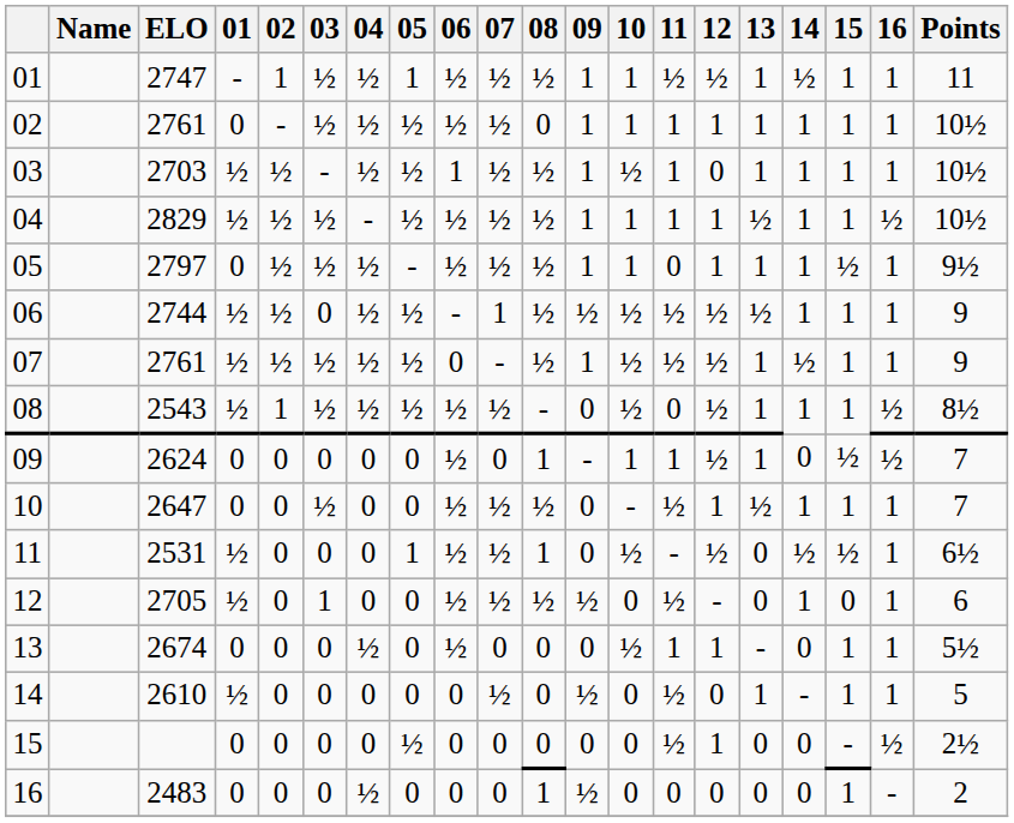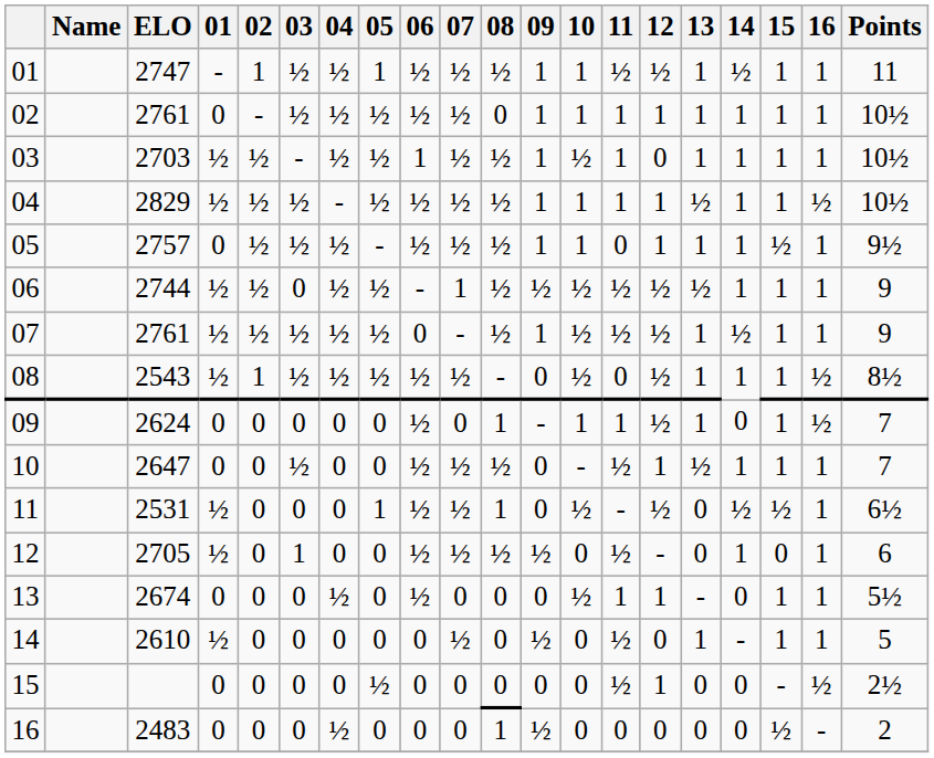 <table class="wikitable" style="text-align:center;">
 <tr>
 <th></th>
 <th>Name</th>
 <th>ELO</th>
 <th>01</th>
 <th>02</th>
 <th>03</th>
 <th>04</th>
 <th>05</th>
 <th>06</th>
 <th>07</th>
 <th>08</th>
 <th>09</th>
 <th>10</th>
 <th>11</th>
 <th>12</th>
 <th>13</th>
 <th>14</th>
 <th>15</th>
 <th>16</th>
 <th>Points</th>
 </tr>
 <tr>
 <td>01</td>
 <td style="text-align:left;" data-sort-value="So"></td>
 <td>2747</td>
 <td>-</td>
 <td>1</td>
 <td>½</td>
 <td>½</td>
 <td>1</td>
 <td>½</td>
 <td>½</td>
 <td>½</td>
 <td>1</td>
 <td>1</td>
 <td>½</td>
 <td>½</td>
 <td>1</td>
 <td>½</td>
 <td>1</td>
 <td>1</td>
 <td>11</td>
 </tr>
 <tr>
 <td>02</td>
 <td style="text-align:left;" data-sort-value="Aronian"></td>
 <td>2761</td>
 <td>0</td>
 <td>-</td>
 <td>½</td>
 <td>½</td>
 <td>½</td>
 <td>½</td>
 <td>½</td>
 <td>0</td>
 <td>1</td>
 <td>1</td>
 <td>1</td>
 <td>1</td>
 <td>1</td>
 <td>1</td>
 <td>1</td>
 <td>1</td>
 <td>10½</td>
 </tr>
 <tr>
 <td>03</td>
 <td style="text-align:left;" data-sort-value="Firouzja"></td>
 <td>2703</td>
 <td>½</td>
 <td>½</td>
 <td>-</td>
 <td>½</td>
 <td>½</td>
 <td>1</td>
 <td>½</td>
 <td>½</td>
 <td>1</td>
 <td>½</td>
 <td>1</td>
 <td>0</td>
 <td>1</td>
 <td>1</td>
 <td>1</td>
 <td>1</td>
 <td>10½</td>
 </tr>
 <tr>
 <td>04</td>
 <td style="text-align:left;" data-sort-value="Nakamura"></td>
 <td>2829</td>
 <td>½</td>
 <td>½</td>
 <td>½</td>
 <td>-</td>
 <td>½</td>
 <td>½</td>
 <td>½</td>
 <td>½</td>
 <td>1</td>
 <td>1</td>
 <td>1</td>
 <td>1</td>
 <td>½</td>
 <td>1</td>
 <td>1</td>
 <td>½</td>
 <td>10½</td>
 </tr>
 <tr>
 <td>05</td>
 <td style="text-align:left;" data-sort-value="Artemiev"></td>
-<td>2797</td>
+<td>2757</td>
 <td>0</td>
 <td>½</td>
 <td>½</td>
 <td>½</td>
 <td>-</td>
 <td>½</td>
 <td>½</td>
 <td>½</td>
 <td>1</td>
 <td>1</td>
 <td>0</td>
 <td>1</td>
 <td>1</td>
 <td>1</td>
 <td>½</td>
 <td>1</td>
 <td>9½</td>
 </tr>
 <tr>
 <td>06</td>
 <td style="text-align:left;" data-sort-value="Lê"></td>
 <td>2744</td>
 <td>½</td>
 <td>½</td>
 <td>0</td>
 <td>½</td>
 <td>½</td>
 <td>-</td>
 <td>1</td>
 <td>½</td>
 <td>½</td>
 <td>½</td>
 <td>½</td>
 <td>½</td>
 <td>½</td>
 <td>1</td>
 <td>1</td>
 <td>1</td>
 <td>9</td>
 </tr>
 <tr>
 <td>07</td>
 <td style="text-align:left;" data-sort-value="Mamedyarov"></td>
 <td>2761</td>
 <td>½</td>
 <td>½</td>
 <td>½</td>
 <td>½</td>
 <td>½</td>
 <td>0</td>
 <td>-</td>
 <td>½</td>
 <td>1</td>
 <td>½</td>
 <td>½</td>
 <td>½</td>
 <td>1</td>
 <td>½</td>
 <td>1</td>
 <td>1</td>
 <td>9</td>
 </tr>
 <tr>
 <td>08</td>
 <td style="text-align:left;" data-sort-value="van Foreest"></td>
 <td>2543</td>
 <td>½</td>
 <td>1</td>
 <td>½</td>
 <td>½</td>
 <td>½</td>
 <td>½</td>
 <td>½</td>
 <td>-</td>
 <td>0</td>
 <td>½</td>
 <td>0</td>
 <td>½</td>
 <td>1</td>
 <td>1</td>
 <td>1</td>
 <td>½</td>
 <td>8½</td>
 </tr>
 <tr>
 <td style="border-top: 2px solid #000000;">09</td>
 <td style="text-align:left;border-top: 2px solid #000000;" data-sort-value="Adhiban"></td>
 <td style="border-top: 2px solid #000000;">2624</td>
 <td style="border-top: 2px solid #000000;">0</td>
 <td style="border-top: 2px solid #000000;">0</td>
 <td style="border-top: 2px solid #000000;">0</td>
 <td style="border-top: 2px solid #000000;">0</td>
 <td style="border-top: 2px solid #000000;">0</td>
 <td style="border-top: 2px solid #000000;">½</td>
 <td style="border-top: 2px solid #000000;">0</td>
 <td style="border-top: 2px solid #000000;">1</td>
 <td style="border-top: 2px solid #000000;">-</td>
 <td style="border-top: 2px solid #000000;">1</td>
 <td style="border-top: 2px solid #000000;">1</td>
 <td style="border-top: 2px solid #000000;">½</td>
 <td style="border-top: 2px solid #000000;">1</td>
 <td>0</td>
-<td>½</td>
+<td style="border-top: 2px solid #000000;">1</td>
 <td style="border-top: 2px solid #000000;">½</td>
 <td style="border-top: 2px solid #000000;">7</td>
 </tr>
 <tr>
 <td>10</td>
 <td style="text-align:left;" data-sort-value="Iturrizaga"></td>
 <td>2647</td>
 <td>0</td>
 <td>0</td>
 <td>½</td>
 <td>0</td>
 <td>0</td>
 <td>½</td>
 <td>½</td>
 <td>½</td>
 <td>0</td>
 <td>-</td>
 <td>½</td>
 <td>1</td>
 <td>½</td>
 <td>1</td>
 <td>1</td>
 <td>1</td>
 <td>7</td>
 </tr>
 <tr>
 <td>11</td>
 <td style="text-align:left;" data-sort-value="Tari"></td>
 <td>2531</td>
 <td>½</td>
 <td>0</td>
 <td>0</td>
 <td>0</td>
 <td>1</td>
 <td>½</td>
 <td>½</td>
 <td>1</td>
 <td>0</td>
 <td>½</td>
 <td>-</td>
 <td>½</td>
 <td>0</td>
 <td>½</td>
 <td>½</td>
 <td>1</td>
 <td>6½</td>
 </tr>
 <tr>
 <td>12</td>
 <td style="text-align:left;" data-sort-value="Harikrishna"></td>
 <td>2705</td>
 <td>½</td>
 <td>0</td>
 <td>1</td>
 <td>0</td>
 <td>0</td>
 <td>½</td>
 <td>½</td>
 <td>½</td>
 <td>½</td>
 <td>0</td>
 <td>½</td>
 <td>-</td>
 <td>0</td>
 <td>1</td>
 <td>0</td>
 <td>1</td>
 <td>6</td>
 </tr>
 <tr>
 <td>13</td>
 <td style="text-align:left;" data-sort-value="Guijarro"></td>
 <td>2674</td>
 <td>0</td>
 <td>0</td>
 <td>0</td>
 <td>½</td>
 <td>0</td>
 <td>½</td>
 <td>0</td>
 <td>0</td>
 <td>0</td>
 <td>½</td>
 <td>1</td>
 <td>1</td>
 <td>-</td>
 <td>0</td>
 <td>1</td>
 <td>1</td>
 <td>5½</td>
 </tr>
 <tr>
 <td>14</td>
 <td style="text-align:left;" data-sort-value="Ju"></td>
 <td>2610</td>
 <td>½</td>
 <td>0</td>
 <td>0</td>
 <td>0</td>
 <td>0</td>
 <td>0</td>
 <td>½</td>
 <td>0</td>
 <td>½</td>
 <td>0</td>
 <td>½</td>
 <td>0</td>
 <td>1</td>
 <td>-</td>
 <td>1</td>
 <td>1</td>
 <td>5</td>
 </tr>
 <tr>
 <td>15</td>
 <td style="text-align:left;" data-sort-value="Mishra"></td>
 <td></td>
 <td>0</td>
 <td>0</td>
 <td>0</td>
 <td>0</td>
 <td>½</td>
 <td>0</td>
 <td>0</td>
 <td>0</td>
 <td>0</td>
 <td>0</td>
 <td>½</td>
 <td>1</td>
 <td>0</td>
 <td>0</td>
 <td>-</td>
 <td>½</td>
 <td>2½</td>
 </tr>
 <tr>
 <td>16</td>
 <td style="text-align:left;" data-sort-value="Koneru"></td>
 <td>2483</td>
 <td>0</td>
 <td>0</td>
 <td>0</td>
 <td>½</td>
 <td>0</td>
 <td>0</td>
 <td>0</td>
 <td style="border-top: 2px solid #000000;">1</td>
 <td>½</td>
 <td>0</td>
 <td>0</td>
 <td>0</td>
 <td>0</td>
 <td>0</td>
-<td style="border-top: 2px solid #000000;">1</td>
+<td>½</td>
 <td>-</td>
 <td>2</td>
 </tr>
 <tr>
 </tr>
 </table>
